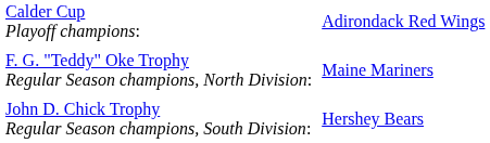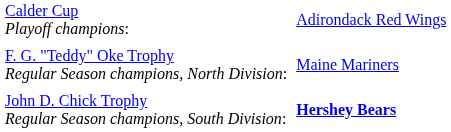 <table cellpadding="3" cellspacing="3">
 <tr>
 <td><a href='#'>Calder Cup</a><br><em>Playoff champions</em>:</td>
 <td><a href='#'>Adirondack Red Wings</a></td>
 </tr>
 <tr>
 <td><a href='#'>F. G. "Teddy" Oke Trophy</a><br><em>Regular Season champions, North Division</em>:</td>
 <td><a href='#'>Maine Mariners</a></td>
 </tr>
 <tr>
 <td><a href='#'>John D. Chick Trophy</a><br><em>Regular Season champions, South Division</em>:</td>
-<td><a href='#'>Hershey Bears</a></td>
+<td><strong><a href='#'>Hershey Bears</a></strong></td>
 </tr>
 </table>
